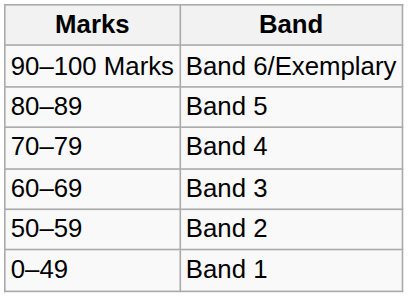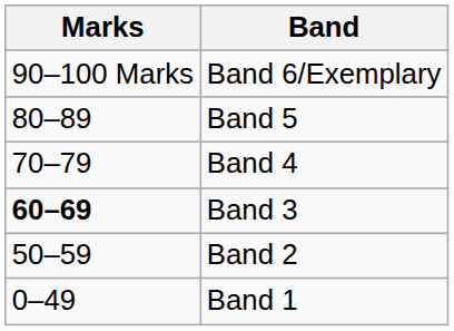 <table class="wikitable">
 <tr>
 <th>Marks</th>
 <th>Band</th>
 </tr>
 <tr>
 <td>90–100 Marks</td>
 <td>Band 6/Exemplary</td>
 </tr>
 <tr>
 <td>80–89</td>
 <td>Band 5</td>
 </tr>
 <tr>
 <td>70–79</td>
 <td>Band 4</td>
 </tr>
 <tr>
-<td>60–69</td>
+<td><strong>60–69</strong></td>
 <td>Band 3</td>
 </tr>
 <tr>
 <td>50–59</td>
 <td>Band 2</td>
 </tr>
 <tr>
 <td>0–49</td>
 <td>Band 1</td>
 </tr>
 </table>
